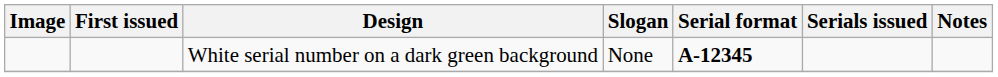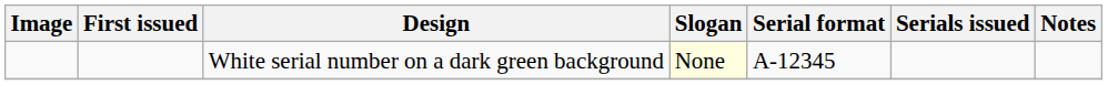 <table class="wikitable">
 <tr>
 <th>Image</th>
 <th>First issued</th>
 <th>Design</th>
 <th>Slogan</th>
 <th>Serial format</th>
 <th>Serials issued</th>
 <th>Notes</th>
 </tr>
 <tr>
 <td></td>
 <td></td>
 <td>White serial number on a dark green background</td>
-<td>None</td>
-<td><strong>A-12345</strong></td>
+<td style="background: lightyellow;">None</td>
+<td>A-12345</td>
 <td></td>
 <td></td>
 </tr>
 <tr>
 </tr>
 </table>
